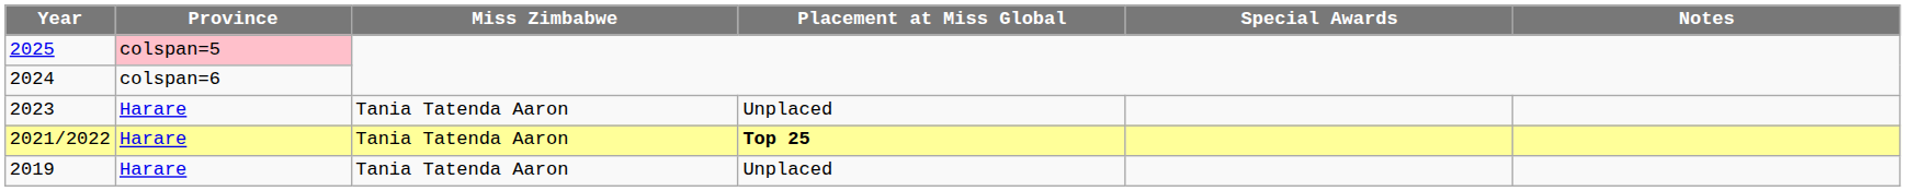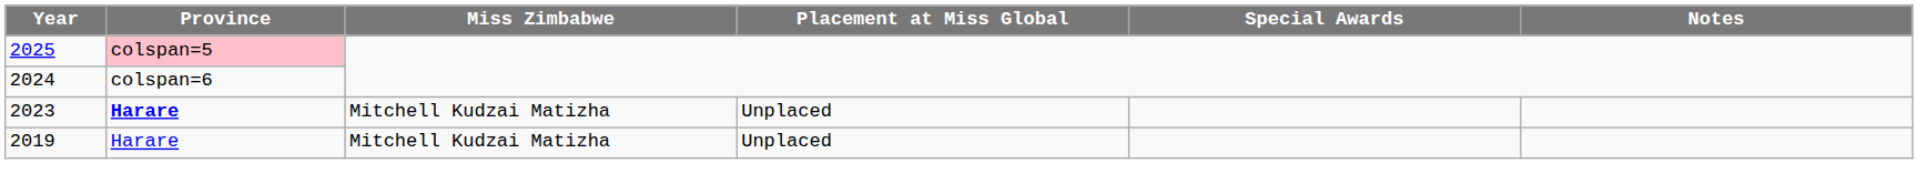 <table class="wikitable " style="font-size: 95%;">
 <tr>
 <th width="60" style="background-color:#787878;color:#FFFFFF;">Year</th>
 <th width="150" style="background-color:#787878;color:#FFFFFF;">Province</th>
 <th width="250" style="background-color:#787878;color:#FFFFFF;">Miss Zimbabwe</th>
 <th width="250" style="background-color:#787878;color:#FFFFFF;">Placement at Miss Global</th>
 <th width="250" style="background-color:#787878;color:#FFFFFF;">Special Awards</th>
 <th width="250" style="background-color:#787878;color:#FFFFFF;">Notes</th>
 </tr>
 <tr>
 <td><a href='#'>2025</a></td>
 <td style="background: pink;">colspan=5 </td>
 </tr>
 <tr>
 <td>2024</td>
 <td>colspan=6 </td>
 </tr>
 <tr>
 <td>2023</td>
-<td><a href='#'>Harare</a></td>
-<td>Tania Tatenda Aaron</td>
+<td><strong><a href='#'>Harare</a></strong></td>
+<td>Mitchell Kudzai Matizha</td>
 <td>Unplaced</td>
-<td></td>
-<td></td>
-</tr>
-<tr style="background-color:#FFFF99; ">
-<td>2021/2022</td>
-<td><a href='#'>Harare</a></td>
-<td>Tania Tatenda Aaron</td>
-<td><strong>Top 25</strong></td>
 <td></td>
 <td></td>
 </tr>
 <tr>
 <td>2019</td>
 <td><a href='#'>Harare</a></td>
-<td>Tania Tatenda Aaron</td>
+<td>Mitchell Kudzai Matizha</td>
 <td>Unplaced</td>
 <td></td>
 <td></td>
 </tr>
 </table>
